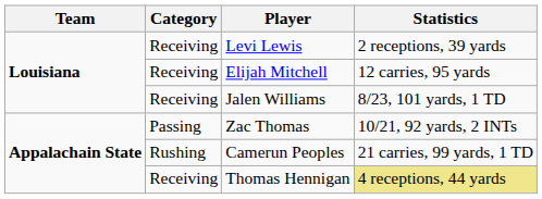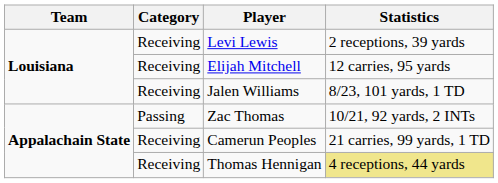 <table class="wikitable" style="float: left;">
 <tr>
 <th>Team</th>
 <th>Category</th>
 <th>Player</th>
 <th>Statistics</th>
 </tr>
 <tr>
 <td rowspan=3><strong>Louisiana</strong></td>
 <td>Receiving</td>
 <td><a href='#'>Levi Lewis</a></td>
 <td>2 receptions, 39 yards</td>
 </tr>
 <tr>
 <td>Receiving</td>
 <td><a href='#'>Elijah Mitchell</a></td>
 <td>12 carries, 95 yards</td>
 </tr>
 <tr>
 <td>Receiving</td>
 <td>Jalen Williams</td>
 <td>8/23, 101 yards, 1 TD</td>
 </tr>
 <tr>
 <td rowspan=3><strong>Appalachain State</strong></td>
 <td>Passing</td>
 <td>Zac Thomas</td>
 <td>10/21, 92 yards, 2 INTs</td>
 </tr>
 <tr>
-<td>Rushing</td>
+<td>Receiving</td>
 <td>Camerun Peoples</td>
 <td>21 carries, 99 yards, 1 TD</td>
 </tr>
 <tr>
 <td>Receiving</td>
 <td>Thomas Hennigan</td>
 <td style="background: khaki;">4 receptions, 44 yards</td>
 </tr>
 </table>
